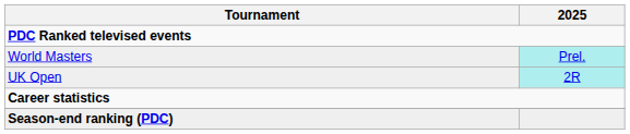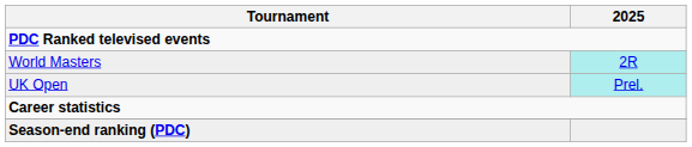 <table class="wikitable" style="width:60%; margin:0">
 <tr>
 <th>Tournament</th>
 <th>2025</th>
 </tr>
 <tr>
 <td colspan="15" style="text-align:left"><strong><a href='#'>PDC</a> Ranked televised events</strong></td>
 </tr>
 <tr>
 <td style="background:#efefef;"><a href='#'>World Masters</a></td>
-<td style="text-align:center; background:#afeeee;"><a href='#'>Prel.</a></td>
+<td style="text-align:center; background:#afeeee;"><a href='#'>2R</a></td>
 </tr>
 <tr>
 <td style="background:#efefef;"><a href='#'>UK Open</a></td>
-<td style="text-align:center; background:#afeeee;"><a href='#'>2R</a></td>
+<td style="text-align:center; background:#afeeee;"><a href='#'>Prel.</a></td>
 </tr>
 <tr>
 <td colspan="19" align="left"><strong>Career statistics</strong></td>
 </tr>
 <tr>
 </tr>
 <tr bgcolor="efefef">
 <td align="left"><strong>Season-end ranking (<a href='#'>PDC</a>)</strong></td>
 <td style="text-align:center;"></td>
 </tr>
 </table>
